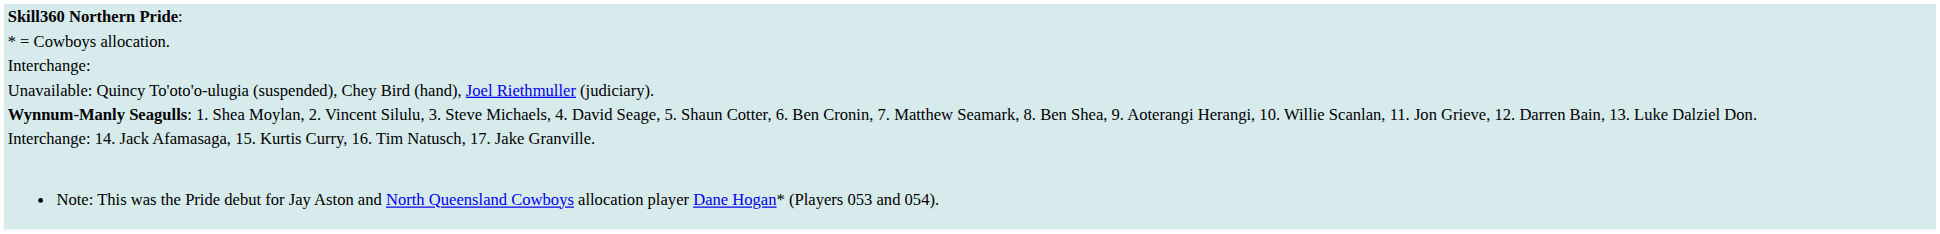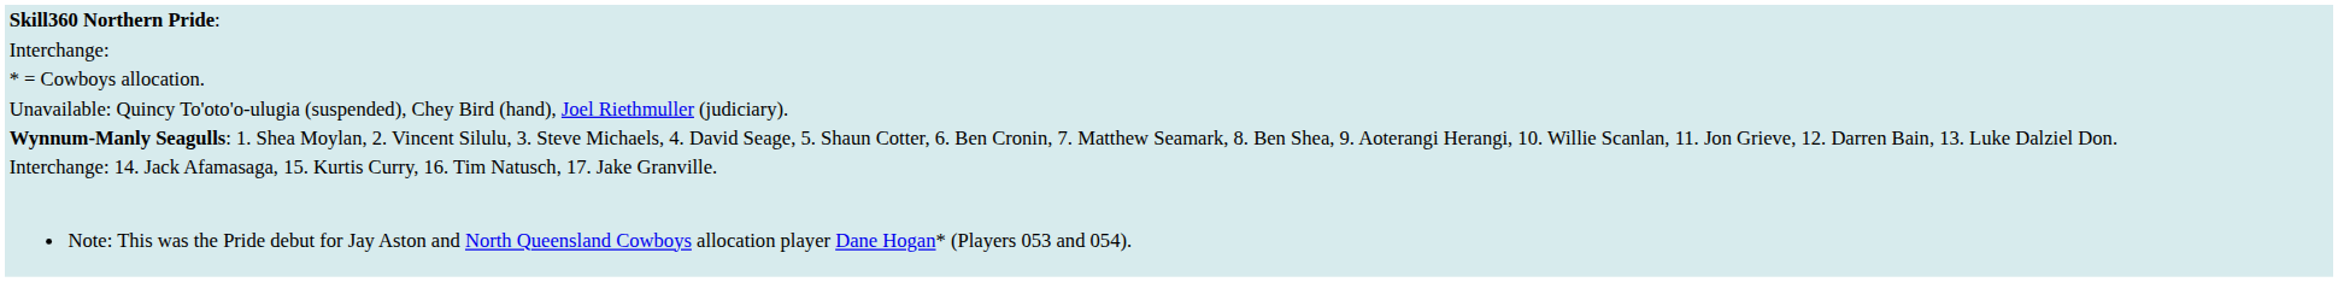 <table style="background:#d7ebed; font-size:85%; width:100%;">
 <tr>
 <td><strong>Skill360 Northern Pride</strong>:             </td>
 </tr>
 <tr>
-<td>* = Cowboys allocation.</td>
+<td>Interchange:    </td>
 </tr>
 <tr>
-<td>Interchange:    </td>
+<td>* = Cowboys allocation.</td>
 </tr>
 <tr>
 <td>Unavailable: Quincy To'oto'o-ulugia (suspended), Chey Bird (hand), <a href='#'>Joel Riethmuller</a> (judiciary).</td>
 </tr>
 <tr>
 <td><strong>Wynnum-Manly Seagulls</strong>: 1. Shea Moylan, 2. Vincent Silulu, 3. Steve Michaels, 4. David Seage, 5. Shaun Cotter, 6. Ben Cronin, 7. Matthew Seamark, 8. Ben Shea, 9. Aoterangi Herangi, 10. Willie Scanlan, 11. Jon Grieve, 12. Darren Bain, 13. Luke Dalziel Don.</td>
 </tr>
 <tr>
 <td>Interchange: 14. Jack Afamasaga, 15. Kurtis Curry, 16. Tim Natusch, 17. Jake Granville.</td>
 </tr>
 <tr>
 <td><br><ul><li>Note: This was the Pride debut for Jay Aston and <a href='#'>North Queensland Cowboys</a> allocation player <a href='#'>Dane Hogan</a>* (Players 053 and 054).</li></ul></td>
 </tr>
 </table>
